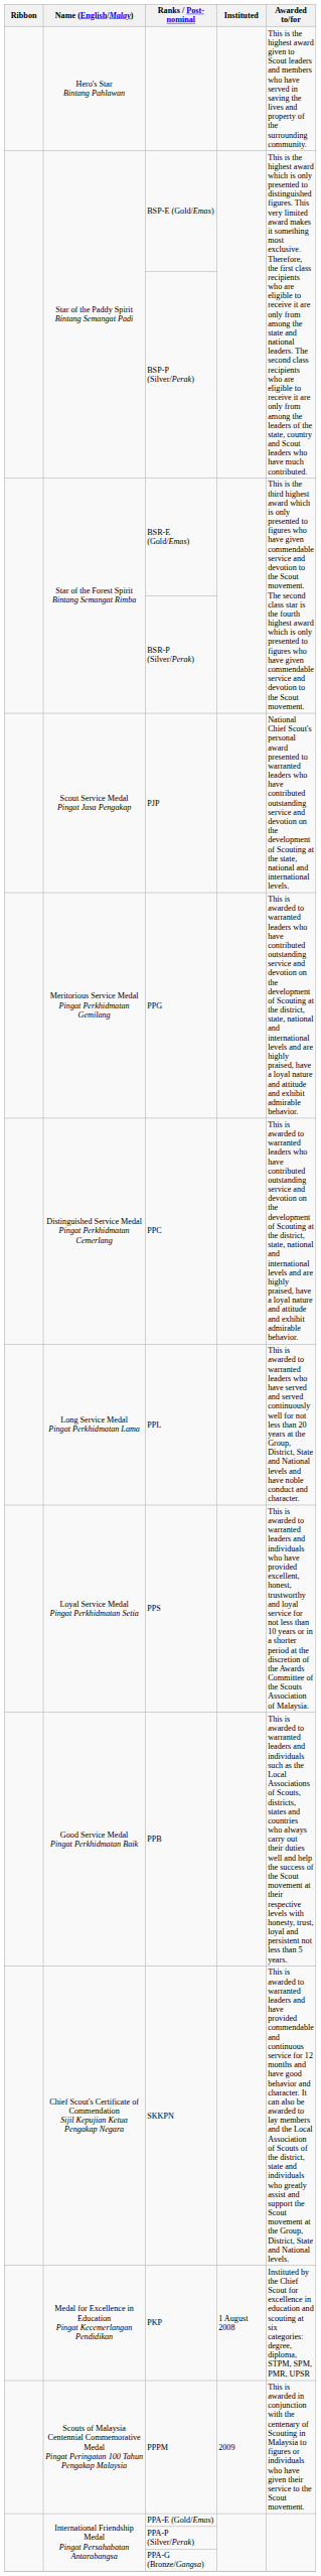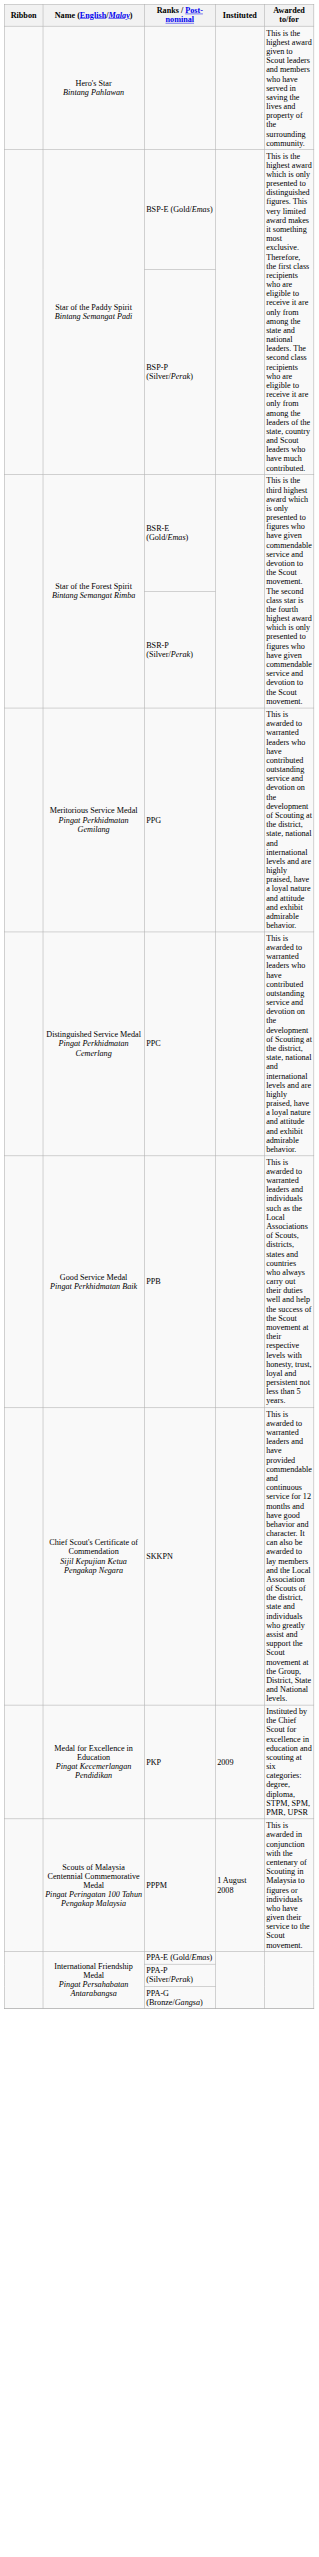 <table class="wikitable">
 <tr>
 <th style="width:113px;">Ribbon</th>
 <th style="width:25em;">Name (<a href='#'>English</a>/<a href='#'><em>Malay</em></a>)</th>
 <th style="width:11.5em;">Ranks / <a href='#'>Post-nominal</a></th>
 <th style="width:9em;">Instituted</th>
 <th>Awarded to/for</th>
 </tr>
 <tr>
 <td align=center></td>
 <td align=center>Hero's Star <br><em>Bintang Pahlawan</em></td>
 <td></td>
 <td></td>
 <td>This is the highest award given to Scout leaders and members who have served in saving the lives and property of the surrounding community.</td>
 </tr>
 <tr>
 <td rowspan=2 align=center><br><br> </td>
 <td rowspan=2 align=center>Star of the Paddy Spirit<br><em>Bintang Semangat Padi</em></td>
 <td>BSP-E (Gold/<em>Emas</em>)</td>
 <td rowspan=2></td>
 <td rowspan=2>This is the highest award which is only presented to distinguished figures. This very limited award makes it something most exclusive. Therefore, the first class recipients who are eligible to receive it are only from among the state and national leaders.  The second class recipients who are eligible to receive it are only from among the leaders of the state, country and Scout leaders who have much contributed.</td>
 </tr>
 <tr>
 <td>BSP-P (Silver/<em>Perak</em>)</td>
 </tr>
 <tr>
 <td rowspan=2 align=center><br><br></td>
 <td rowspan=2 align=center>Star of the Forest Spirit<br><em>Bintang Semangat Rimba</em></td>
 <td>BSR-E (Gold/<em>Emas</em>)</td>
 <td rowspan=2></td>
 <td rowspan=2>This is the third highest award which is only presented to figures who have given commendable service and devotion to the Scout movement. The second class star is the fourth highest award which is only presented to figures who have given commendable service and devotion to the Scout movement.</td>
 </tr>
 <tr>
 <td>BSR-P (Silver/<em>Perak</em>)</td>
 </tr>
 <tr>
 <td align=center></td>
-<td align=center>Scout Service Medal<br><em>Pingat Jasa Pengakap</em></td>
-<td>PJP</td>
-<td></td>
-<td>National Chief Scout's personal award presented to warranted leaders who have contributed outstanding service and devotion on the development of Scouting at the state, national and international levels.</td>
-</tr>
-<tr>
-<td align=center></td>
 <td align=center>Meritorious Service Medal<br><em>Pingat Perkhidmatan Gemilang</em></td>
 <td>PPG</td>
 <td></td>
 <td>This is awarded to warranted leaders who have contributed outstanding service and devotion on the development of Scouting at the district, state, national and international levels and are highly praised, have a loyal nature and attitude and exhibit admirable behavior.</td>
 </tr>
 <tr>
 <td align=center></td>
 <td align=center>Distinguished Service Medal<br><em>Pingat Perkhidmatan Cemerlang</em></td>
 <td>PPC</td>
 <td></td>
 <td>This is awarded to warranted leaders who have contributed outstanding service and devotion on the development of Scouting at the district, state, national and international levels and are highly praised, have a loyal nature and attitude and exhibit admirable behavior.</td>
-</tr>
-<tr>
-<td align=center></td>
-<td align=center>Long Service Medal<br><em>Pingat Perkhidmatan Lama</em></td>
-<td>PPL</td>
-<td></td>
-<td>This is awarded to warranted leaders who have served and served continuously well for not less than 20 years at the Group, District, State and National levels and have noble conduct and character.</td>
-</tr>
-<tr>
-<td align=center></td>
-<td align=center>Loyal Service Medal<br><em>Pingat Perkhidmatan Setia</em></td>
-<td>PPS</td>
-<td></td>
-<td>This is awarded to warranted leaders and individuals who have provided excellent, honest, trustworthy and loyal service for not less than 10 years or in a shorter period at the discretion of the Awards Committee of the Scouts Association of Malaysia.</td>
 </tr>
 <tr>
 <td align=center></td>
 <td align=center>Good Service Medal<br><em>Pingat Perkhidmatan Baik</em></td>
 <td>PPB</td>
 <td></td>
 <td>This is awarded to warranted leaders and individuals such as the Local Associations of Scouts, districts, states and countries who always carry out their duties well and help the success of the Scout movement at their respective levels with honesty, trust, loyal and persistent not less than 5 years.</td>
 </tr>
 <tr>
 <td align=center></td>
 <td align=center>Chief Scout's Certificate of Commendation<br><em>Sijil Kepujian Ketua Pengakap Negara</em></td>
 <td>SKKPN</td>
 <td></td>
 <td>This is awarded to warranted leaders and have provided commendable and continuous service for 12 months and have good behavior and character. It can also be awarded to lay members and the Local Association of Scouts of the district, state and individuals who greatly assist and support the Scout movement at the Group, District, State and National levels.</td>
 </tr>
 <tr>
 <td align=center></td>
 <td align=center>Medal for Excellence in Education<br><em>Pingat Kecemerlangan Pendidikan</em></td>
 <td>PKP</td>
-<td>1 August 2008</td>
+<td>2009</td>
 <td>Instituted by the Chief Scout for excellence in education and scouting at six categories: degree, diploma, STPM, SPM, PMR, UPSR</td>
 </tr>
 <tr>
 <td align=center></td>
 <td align=center>Scouts of Malaysia Centennial Commemorative Medal<br><em>Pingat Peringatan 100 Tahun Pengakap Malaysia</em></td>
 <td>PPPM</td>
-<td>2009</td>
+<td>1 August 2008</td>
 <td>This is awarded in conjunction with the centenary of Scouting in Malaysia to figures or individuals who have given their service to the Scout movement.</td>
 </tr>
 <tr>
 <td rowspan=3 align=center></td>
 <td rowspan=3 align=center>International Friendship Medal<br><em>Pingat Persahabatan Antarabangsa</em></td>
 <td>PPA-E (Gold/<em>Emas</em>)</td>
 <td rowspan=3></td>
 <td rowspan=3></td>
 </tr>
 <tr>
 <td>PPA-P (Silver/<em>Perak</em>)</td>
 </tr>
 <tr>
 <td>PPA-G (Bronze/<em>Gangsa</em>)</td>
 </tr>
 <tr>
 </tr>
 </table>
